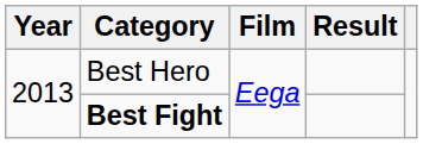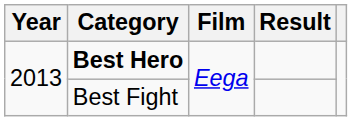 <table class="wikitable sortable plainrowheaders">
 <tr>
 <th scope="col">Year</th>
 <th scope="col">Category</th>
 <th scope="col">Film</th>
 <th scope="col">Result</th>
 <th scope="col" class="unsortable"></th>
 </tr>
 <tr>
 <td rowspan="2">2013</td>
-<td>Best Hero</td>
+<td><strong>Best Hero</strong></td>
 <td rowspan="2"><em><a href='#'>Eega</a></em></td>
 <td></td>
 <td rowspan="2"></td>
 </tr>
 <tr>
-<td><strong>Best Fight</strong></td>
+<td>Best Fight</td>
 <td></td>
 </tr>
 </table>
